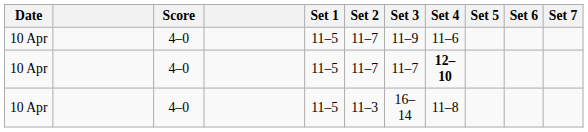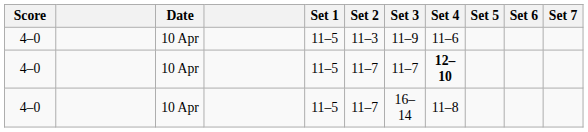 <table class="wikitable" style="text-align: center; font-size:90% ">
 <tr>
+<th width="60">Score</th>
+<th align="right" width="200"></th>
 <th width="60">Date</th>
-<th align="right" width="200"></th>
-<th width="60">Score</th>
 <th align="left" width="200"></th>
 <th width="50">Set 1</th>
 <th width="50">Set 2</th>
 <th width="50">Set 3</th>
 <th width="50">Set 4</th>
 <th width="50">Set 5</th>
 <th width="50">Set 6</th>
 <th width="50">Set 7</th>
 </tr>
 <tr>
+<td align=center>4–0</td>
+<td align=left><strong></strong></td>
 <td>10 Apr</td>
-<td align=left><strong></strong></td>
-<td align=center>4–0</td>
 <td align=left></td>
 <td>11–5</td>
-<td>11–7</td>
+<td>11–3</td>
 <td>11–9</td>
 <td>11–6</td>
 <td></td>
 <td></td>
 <td></td>
 </tr>
 <tr>
+<td align=center>4–0</td>
+<td align=left><strong></strong></td>
 <td>10 Apr</td>
-<td align=left><strong></strong></td>
-<td align=center>4–0</td>
 <td align=left></td>
 <td>11–5</td>
 <td>11–7</td>
 <td>11–7</td>
 <td><strong>12–10</strong></td>
 <td></td>
 <td></td>
 <td></td>
 </tr>
 <tr>
+<td align=center>4–0</td>
+<td align=left><strong></strong></td>
 <td>10 Apr</td>
-<td align=left><strong></strong></td>
-<td align=center>4–0</td>
 <td align=left></td>
 <td>11–5</td>
-<td>11–3</td>
+<td>11–7</td>
 <td>16–14</td>
 <td>11–8</td>
 <td></td>
 <td></td>
 <td></td>
 </tr>
 </table>
